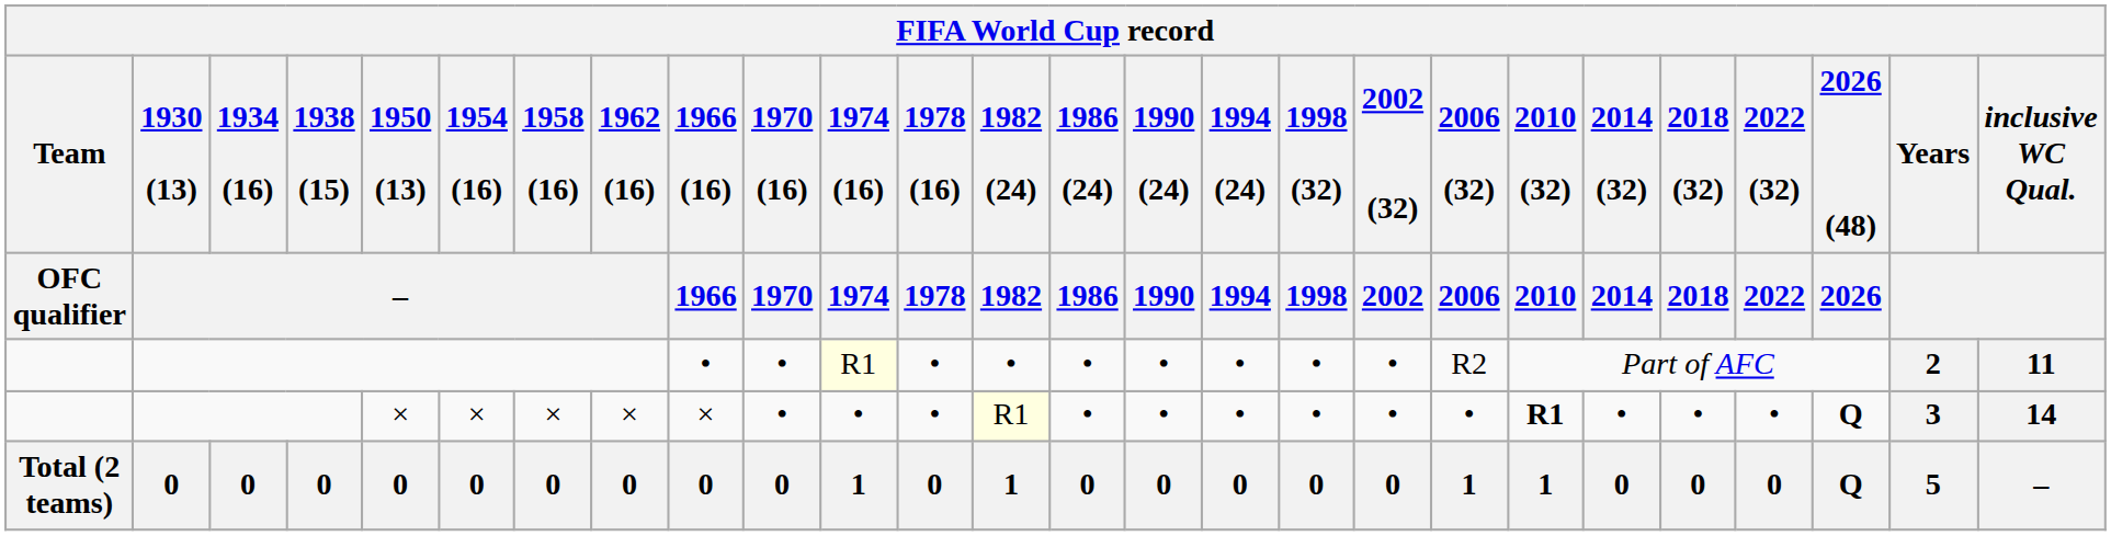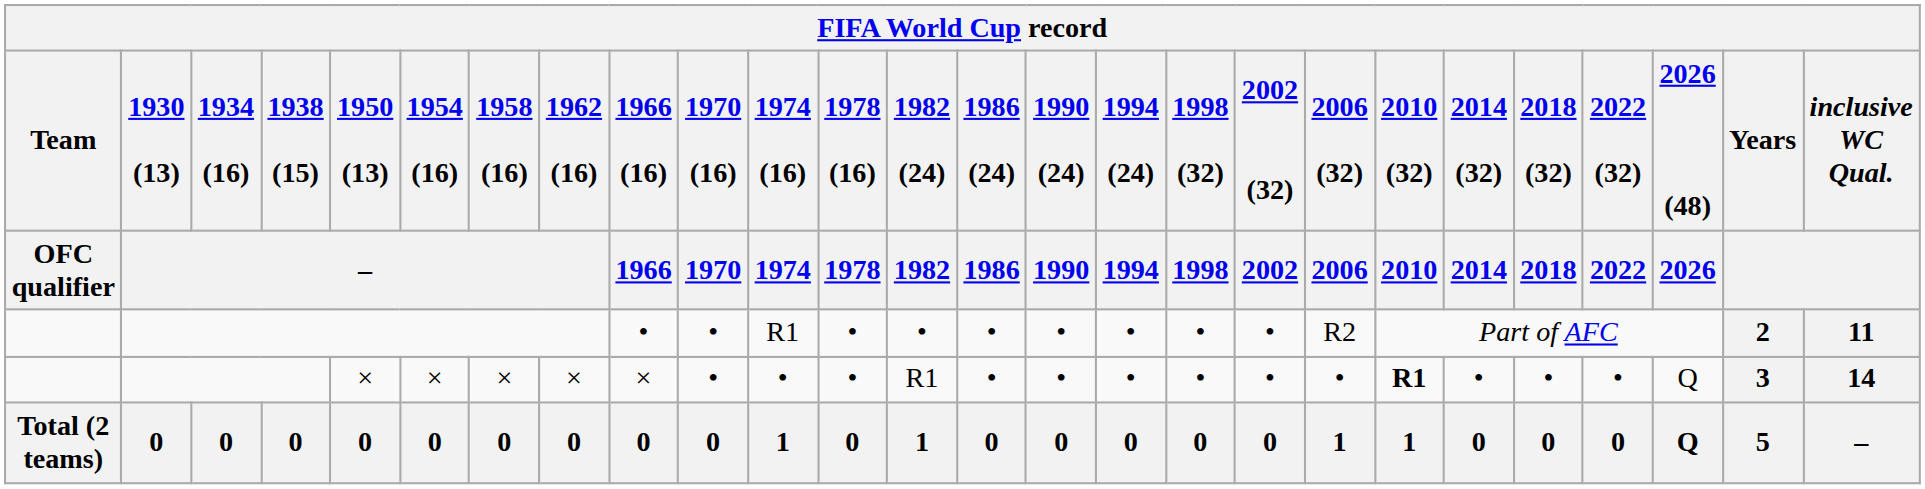 <table class="wikitable" style="text-align:center; font-size:85%;">
 <tr>
 <th colspan=26><a href='#'>FIFA World Cup</a> record</th>
 </tr>
 <tr>
 <th>Team</th>
 <th><a href='#'>1930</a><br><br>(13)</th>
 <th><a href='#'>1934</a><br><br>(16)</th>
 <th><a href='#'>1938</a><br><br>(15)</th>
 <th><a href='#'>1950</a><br><br>(13)</th>
 <th><a href='#'>1954</a><br><br>(16)</th>
 <th><a href='#'>1958</a><br><br>(16)</th>
 <th><a href='#'>1962</a><br><br>(16)</th>
 <th><a href='#'>1966</a><br><br>(16)</th>
 <th><a href='#'>1970</a><br><br>(16)</th>
 <th><a href='#'>1974</a><br><br>(16)</th>
 <th><a href='#'>1978</a><br><br>(16)</th>
 <th><a href='#'>1982</a><br><br>(24)</th>
 <th><a href='#'>1986</a><br><br>(24)</th>
 <th><a href='#'>1990</a><br><br>(24)</th>
 <th><a href='#'>1994</a><br><br>(24)</th>
 <th><a href='#'>1998</a><br><br>(32)</th>
 <th><a href='#'>2002</a><br><br><br>(32)</th>
 <th><a href='#'>2006</a><br><br>(32)</th>
 <th><a href='#'>2010</a><br><br>(32)</th>
 <th><a href='#'>2014</a><br><br>(32)</th>
 <th><a href='#'>2018</a><br><br>(32)</th>
 <th><a href='#'>2022</a><br><br>(32)</th>
 <th><a href='#'>2026</a><br><br><br><br>(48)</th>
 <th>Years</th>
 <th><em>inclusive <br> WC Qual.</em></th>
 </tr>
 <tr>
 <th>OFC qualifier</th>
 <th colspan=7>–</th>
 <th><a href='#'>1966</a></th>
 <th><a href='#'>1970</a></th>
 <th><a href='#'>1974</a></th>
 <th><a href='#'>1978</a></th>
 <th><a href='#'>1982</a></th>
 <th><a href='#'>1986</a></th>
 <th><a href='#'>1990</a></th>
 <th><a href='#'>1994</a></th>
 <th><a href='#'>1998</a></th>
 <th><a href='#'>2002</a></th>
 <th><a href='#'>2006</a></th>
 <th><a href='#'>2010</a></th>
 <th><a href='#'>2014</a></th>
 <th><a href='#'>2018</a></th>
 <th><a href='#'>2022</a></th>
 <th><a href='#'>2026</a></th>
 <th colspan=2></th>
 </tr>
 <tr>
 <td align=left></td>
 <td colspan=7></td>
 <td>•</td>
 <td>•</td>
-<td style="background: lightyellow;">R1</td>
+<td>R1</td>
 <td>•</td>
 <td>•</td>
 <td>•</td>
 <td>•</td>
 <td>•</td>
 <td>•</td>
 <td>•</td>
 <td>R2</td>
 <td colspan=5><em>Part of <a href='#'>AFC</a></em></td>
 <th>2</th>
 <th>11</th>
 </tr>
 <tr>
 <td align="left"></td>
 <td colspan="3"></td>
 <td>×</td>
 <td>×</td>
 <td>×</td>
 <td>×</td>
 <td>×</td>
 <td>•</td>
 <td>•</td>
 <td>•</td>
-<td style="background: lightyellow;">R1</td>
+<td>R1</td>
 <td>•</td>
 <td>•</td>
 <td>•</td>
 <td>•</td>
 <td>•</td>
 <td>•</td>
 <td><strong>R1</strong></td>
 <td>•</td>
 <td>•</td>
 <td>•</td>
-<td><strong>Q</strong></td>
+<td>Q</td>
 <th>3</th>
 <th>14</th>
 </tr>
 <tr>
 <th>Total (2 teams)</th>
 <th>0</th>
 <th>0</th>
 <th>0</th>
 <th>0</th>
 <th>0</th>
 <th>0</th>
 <th>0</th>
 <th>0</th>
 <th>0</th>
 <th>1</th>
 <th>0</th>
 <th>1</th>
 <th>0</th>
 <th>0</th>
 <th>0</th>
 <th>0</th>
 <th>0</th>
 <th>1</th>
 <th>1</th>
 <th>0</th>
 <th>0</th>
 <th>0</th>
 <th>Q</th>
 <th>5</th>
 <th>–</th>
 </tr>
 </table>
